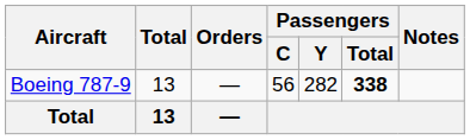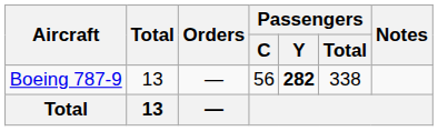 <table class="wikitable" style="margin:auto;border-collapse:collapse;text-align:center;">
 <tr>
 <th rowspan="2">Aircraft</th>
 <th rowspan="2">Total</th>
 <th rowspan="2">Orders</th>
 <th colspan="3">Passengers</th>
 <th rowspan="2">Notes</th>
 </tr>
 <tr>
 <th><abbr>C</abbr></th>
 <th><abbr>Y</abbr></th>
 <th>Total</th>
 </tr>
 <tr>
 <td><a href='#'>Boeing 787-9</a></td>
 <td>13</td>
 <td>—</td>
 <td>56</td>
-<td>282</td>
-<td><strong>338</strong></td>
+<td><strong>282</strong></td>
+<td>338</td>
 <td></td>
 </tr>
 <tr>
 <th>Total</th>
 <th>13</th>
 <th>—</th>
 <th colspan="4"></th>
 </tr>
 </table>
